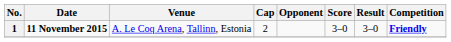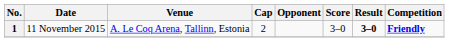 <table class="wikitable sortable plainrowheaders">
 <tr>
 <th scope=col>No.</th>
 <th scope=col data-sort-type=date>Date</th>
 <th scope=col>Venue</th>
 <th scope=col>Cap</th>
 <th scope=col>Opponent</th>
 <th scope=col>Score</th>
 <th scope=col>Result</th>
 <th scope=col>Competition</th>
 </tr>
 <tr>
 <th scope=row>1</th>
-<td><strong>11 November 2015</strong></td>
+<td>11 November 2015</td>
 <td><a href='#'>A. Le Coq Arena</a>, <a href='#'>Tallinn</a>, Estonia</td>
 <td align=center>2</td>
 <td></td>
 <td align=center>3–0</td>
-<td align=center>3–0</td>
+<td align=center><strong>3–0</strong></td>
 <td><strong><a href='#'>Friendly</a></strong></td>
 </tr>
 <tr>
 </tr>
 </table>
